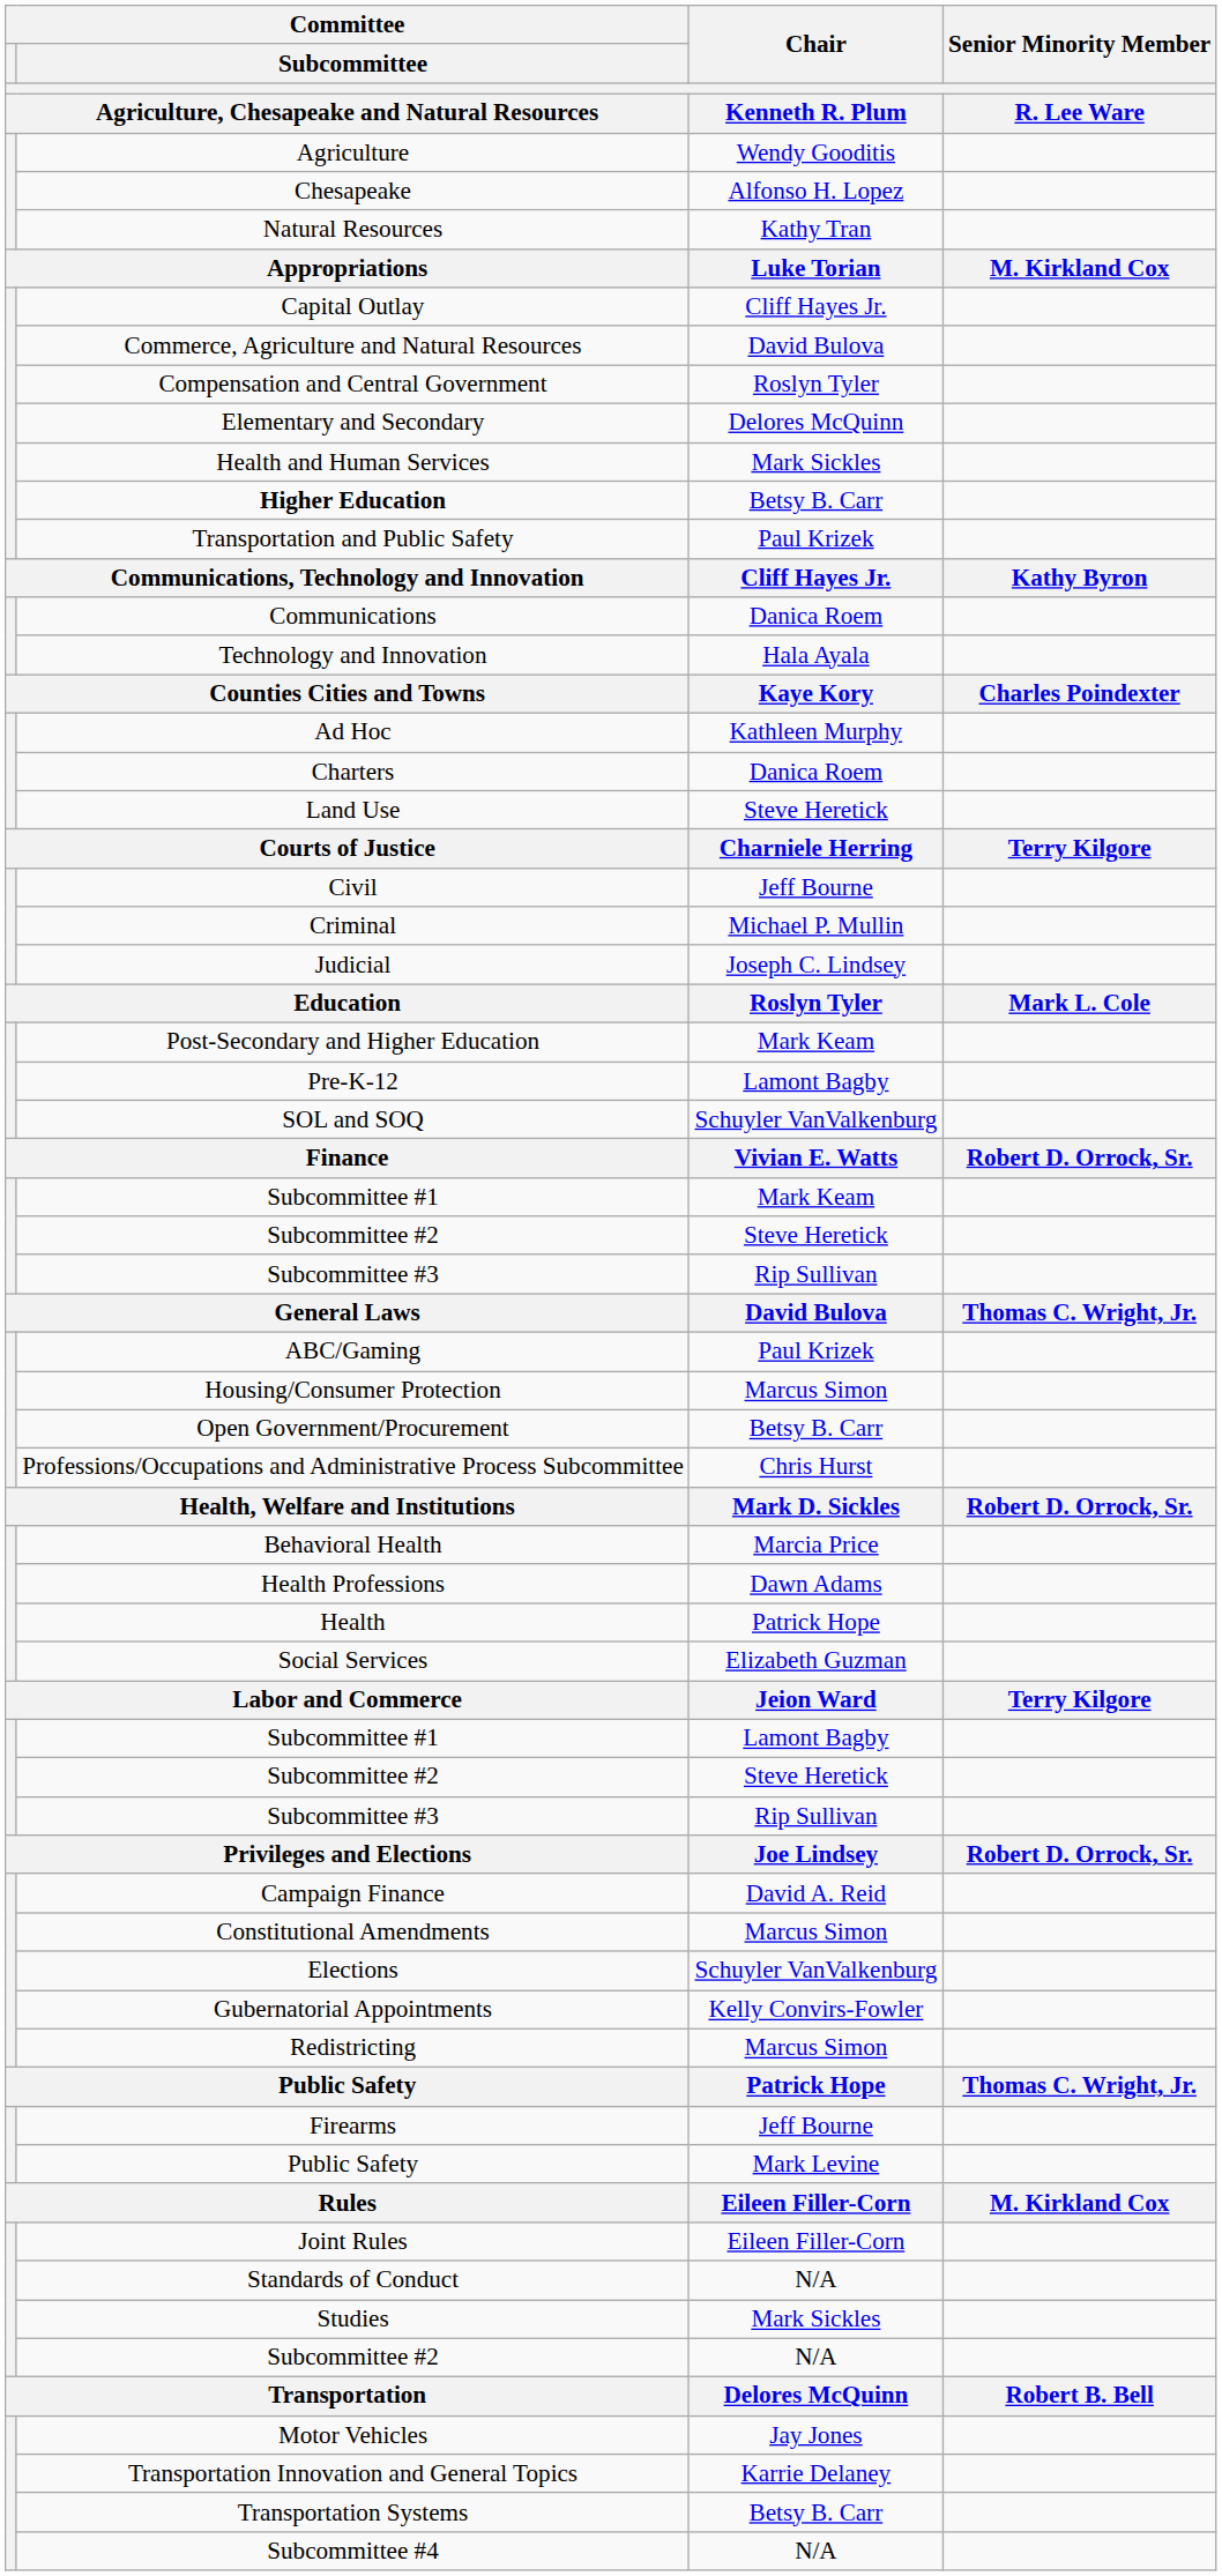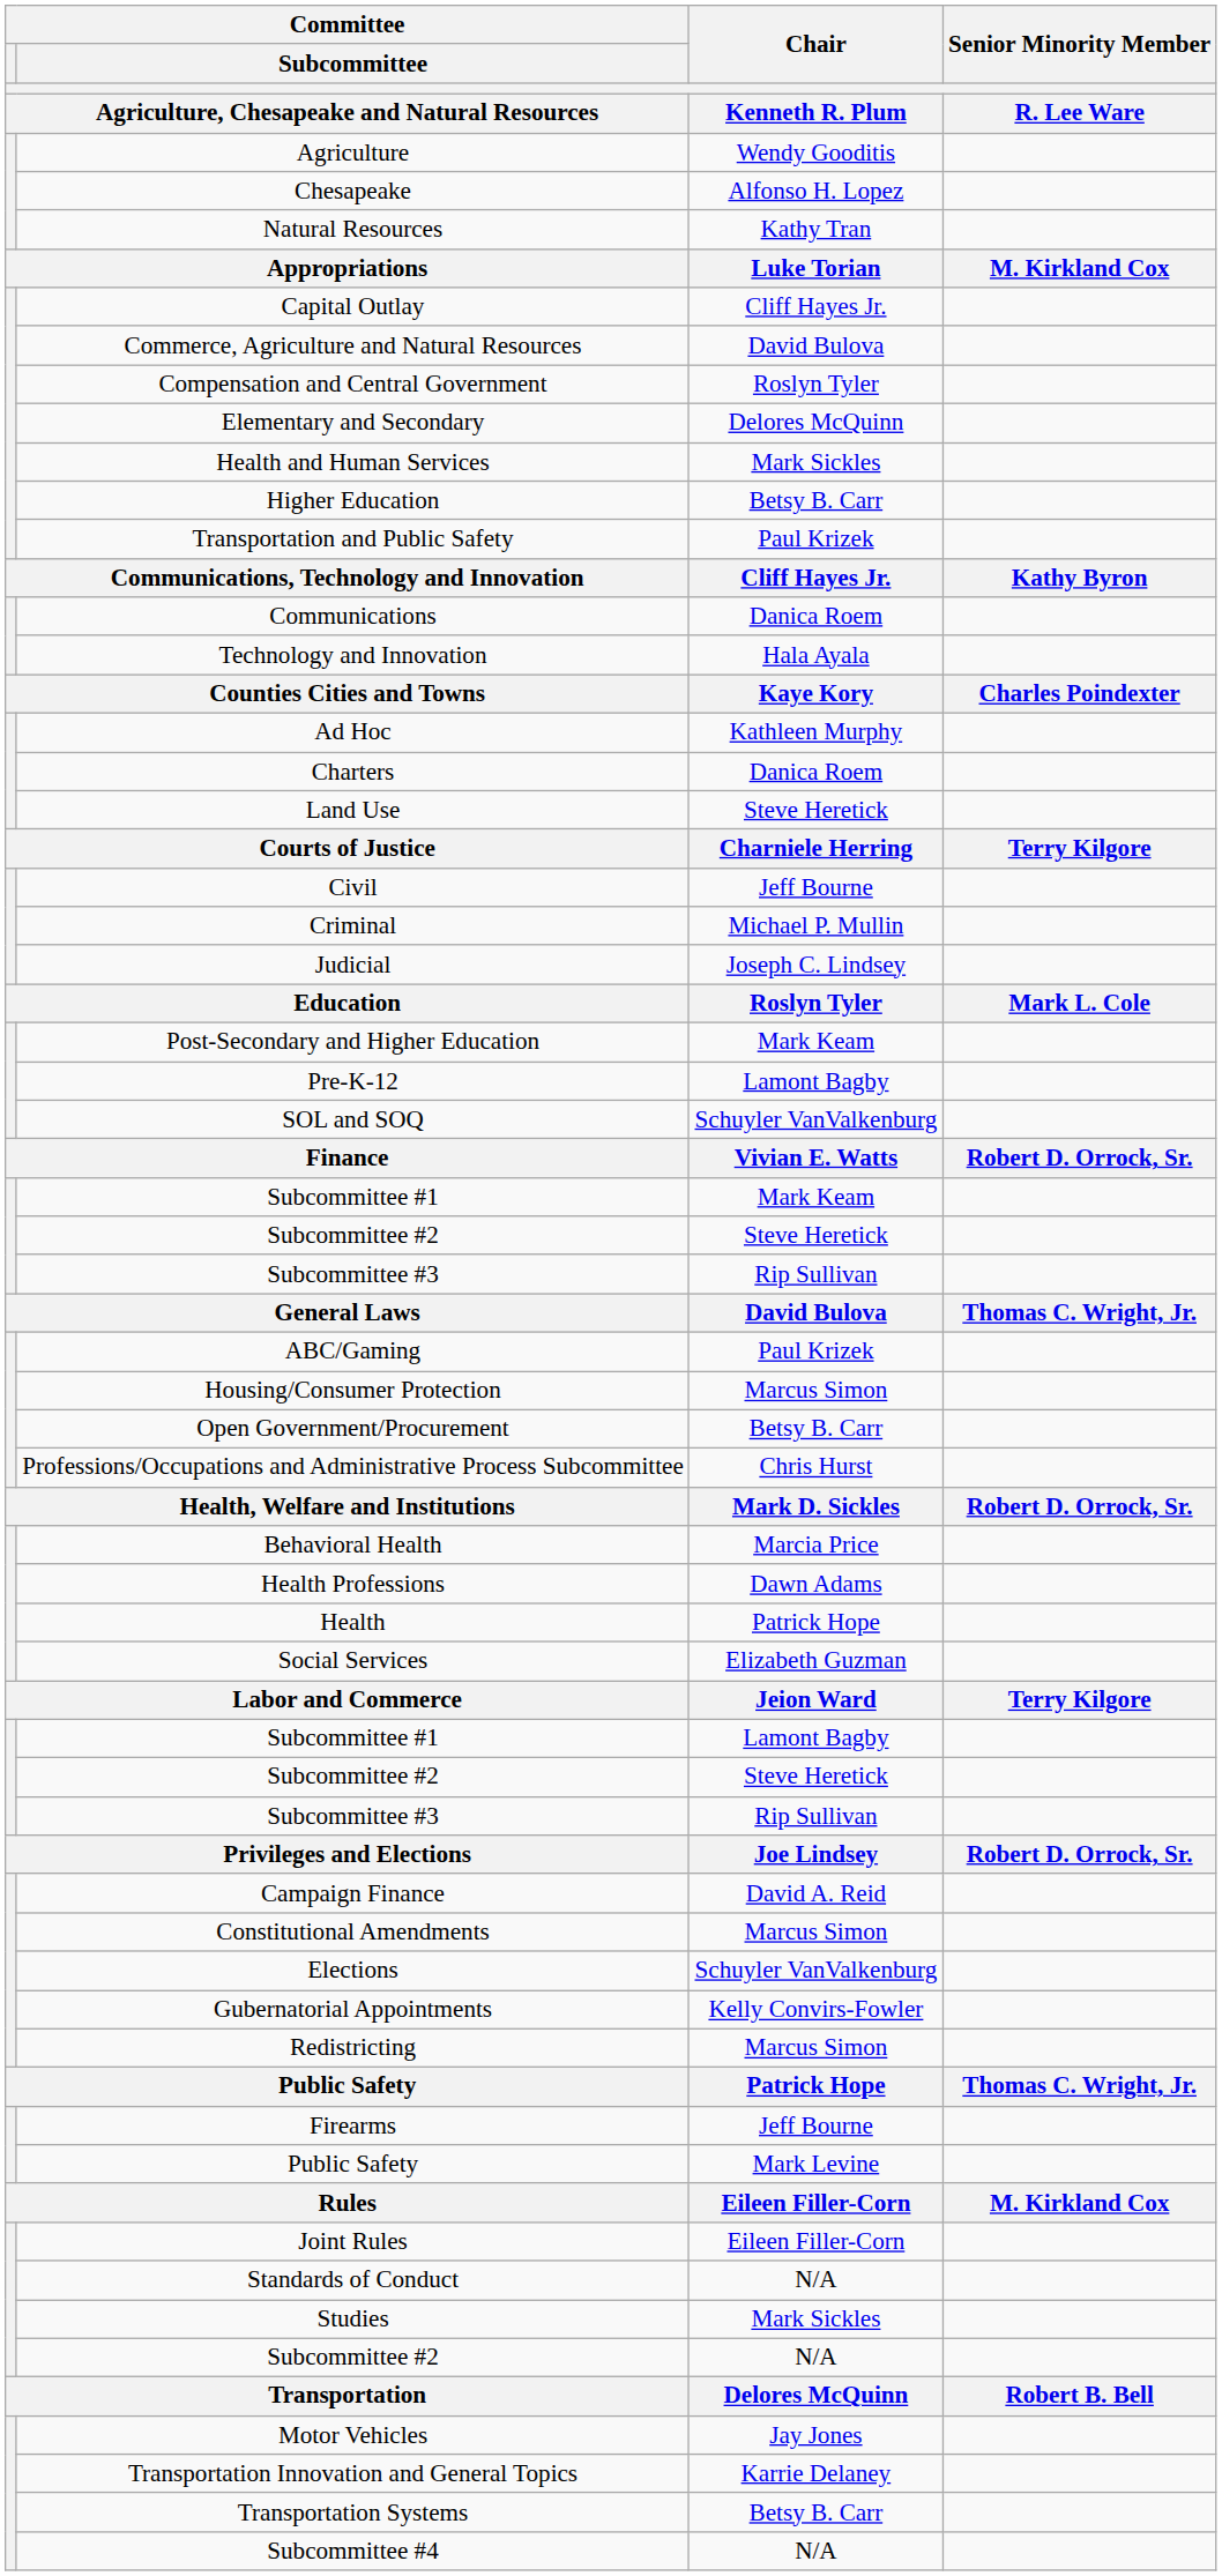 <table class="wikitable" style="text-align:center;">
 <tr>
 <th colspan=2>Committee</th>
 <th rowspan=2 >Chair</th>
 <th rowspan=2 >Senior Minority Member</th>
 </tr>
 <tr>
 <th></th>
 <th>Subcommittee</th>
 </tr>
 <tr>
 <th colspan=4></th>
 </tr>
 <tr>
 <th colspan=2>Agriculture, Chesapeake and Natural Resources</th>
 <th><a href='#'>Kenneth R. Plum</a></th>
 <th><a href='#'>R. Lee Ware</a></th>
 </tr>
 <tr>
 <th rowspan=3></th>
 <td>Agriculture</td>
 <td><a href='#'>Wendy Gooditis</a></td>
 <td></td>
 </tr>
 <tr>
 <td>Chesapeake</td>
 <td><a href='#'>Alfonso H. Lopez</a></td>
 <td></td>
 </tr>
 <tr>
 <td>Natural Resources</td>
 <td><a href='#'>Kathy Tran</a></td>
 <td></td>
 </tr>
 <tr>
 <th colspan=2>Appropriations</th>
 <th><a href='#'>Luke Torian</a></th>
 <th><a href='#'>M. Kirkland Cox</a></th>
 </tr>
 <tr>
 <th rowspan=7></th>
 <td>Capital Outlay</td>
 <td><a href='#'>Cliff Hayes Jr.</a></td>
 <td></td>
 </tr>
 <tr>
 <td>Commerce, Agriculture and Natural Resources</td>
 <td><a href='#'>David Bulova</a></td>
 <td></td>
 </tr>
 <tr>
 <td>Compensation and Central Government</td>
 <td><a href='#'>Roslyn Tyler</a></td>
 <td></td>
 </tr>
 <tr>
 <td>Elementary and Secondary</td>
 <td><a href='#'>Delores McQuinn</a></td>
 <td></td>
 </tr>
 <tr>
 <td>Health and Human Services</td>
 <td><a href='#'>Mark Sickles</a></td>
 <td></td>
 </tr>
 <tr>
-<td><strong>Higher Education</strong></td>
+<td>Higher Education</td>
 <td><a href='#'>Betsy B. Carr</a></td>
 <td></td>
 </tr>
 <tr>
 <td>Transportation and Public Safety</td>
 <td><a href='#'>Paul Krizek</a></td>
 <td></td>
 </tr>
 <tr>
 <th colspan=2>Communications, Technology and Innovation</th>
 <th><a href='#'>Cliff Hayes Jr.</a></th>
 <th><a href='#'>Kathy Byron</a></th>
 </tr>
 <tr>
 <th rowspan=2></th>
 <td>Communications</td>
 <td><a href='#'>Danica Roem</a></td>
 <td></td>
 </tr>
 <tr>
 <td>Technology and Innovation</td>
 <td><a href='#'>Hala Ayala</a></td>
 <td></td>
 </tr>
 <tr>
 <th colspan=2>Counties Cities and Towns</th>
 <th><a href='#'>Kaye Kory</a></th>
 <th><a href='#'>Charles Poindexter</a></th>
 </tr>
 <tr>
 <th rowspan=3></th>
 <td>Ad Hoc</td>
 <td><a href='#'>Kathleen Murphy</a></td>
 <td></td>
 </tr>
 <tr>
 <td>Charters</td>
 <td><a href='#'>Danica Roem</a></td>
 <td></td>
 </tr>
 <tr>
 <td>Land Use</td>
 <td><a href='#'>Steve Heretick</a></td>
 <td></td>
 </tr>
 <tr>
 <th colspan=2>Courts of Justice</th>
 <th><a href='#'>Charniele Herring</a></th>
 <th><a href='#'>Terry Kilgore</a></th>
 </tr>
 <tr>
 <th rowspan=3></th>
 <td>Civil</td>
 <td><a href='#'>Jeff Bourne</a></td>
 <td></td>
 </tr>
 <tr>
 <td>Criminal</td>
 <td><a href='#'>Michael P. Mullin</a></td>
 <td></td>
 </tr>
 <tr>
 <td>Judicial</td>
 <td><a href='#'>Joseph C. Lindsey</a></td>
 <td></td>
 </tr>
 <tr>
 <th colspan=2>Education</th>
 <th><a href='#'>Roslyn Tyler</a></th>
 <th><a href='#'>Mark L. Cole</a></th>
 </tr>
 <tr>
 <th rowspan=3></th>
 <td>Post-Secondary and Higher Education</td>
 <td><a href='#'>Mark Keam</a></td>
 <td></td>
 </tr>
 <tr>
 <td>Pre-K-12</td>
 <td><a href='#'>Lamont Bagby</a></td>
 <td></td>
 </tr>
 <tr>
 <td>SOL and SOQ</td>
 <td><a href='#'>Schuyler VanValkenburg</a></td>
 <td></td>
 </tr>
 <tr>
 <th colspan=2>Finance</th>
 <th><a href='#'>Vivian E. Watts</a></th>
 <th><a href='#'>Robert D. Orrock, Sr.</a></th>
 </tr>
 <tr>
 <th rowspan=3></th>
 <td>Subcommittee #1</td>
 <td><a href='#'>Mark Keam</a></td>
 <td></td>
 </tr>
 <tr>
 <td>Subcommittee #2</td>
 <td><a href='#'>Steve Heretick</a></td>
 <td></td>
 </tr>
 <tr>
 <td>Subcommittee #3</td>
 <td><a href='#'>Rip Sullivan</a></td>
 <td></td>
 </tr>
 <tr>
 <th colspan=2>General Laws</th>
 <th><a href='#'>David Bulova</a></th>
 <th><a href='#'>Thomas C. Wright, Jr.</a></th>
 </tr>
 <tr>
 <th rowspan=4></th>
 <td>ABC/Gaming</td>
 <td><a href='#'>Paul Krizek</a></td>
 <td></td>
 </tr>
 <tr>
 <td>Housing/Consumer Protection</td>
 <td><a href='#'>Marcus Simon</a></td>
 <td></td>
 </tr>
 <tr>
 <td>Open Government/Procurement</td>
 <td><a href='#'>Betsy B. Carr</a></td>
 <td></td>
 </tr>
 <tr>
 <td>Professions/Occupations and Administrative Process Subcommittee</td>
 <td><a href='#'>Chris Hurst</a></td>
 <td></td>
 </tr>
 <tr>
 <th colspan=2>Health, Welfare and Institutions</th>
 <th><a href='#'>Mark D. Sickles</a></th>
 <th><a href='#'>Robert D. Orrock, Sr.</a></th>
 </tr>
 <tr>
 <th rowspan=4></th>
 <td>Behavioral Health</td>
 <td><a href='#'>Marcia Price</a></td>
 <td></td>
 </tr>
 <tr>
 <td>Health Professions</td>
 <td><a href='#'>Dawn Adams</a></td>
 <td></td>
 </tr>
 <tr>
 <td>Health</td>
 <td><a href='#'>Patrick Hope</a></td>
 <td></td>
 </tr>
 <tr>
 <td>Social Services</td>
 <td><a href='#'>Elizabeth Guzman</a></td>
 <td></td>
 </tr>
 <tr>
 <th colspan=2>Labor and Commerce</th>
 <th><a href='#'>Jeion Ward</a></th>
 <th><a href='#'>Terry Kilgore</a></th>
 </tr>
 <tr>
 <th rowspan=3></th>
 <td>Subcommittee #1</td>
 <td><a href='#'>Lamont Bagby</a></td>
 <td></td>
 </tr>
 <tr>
 <td>Subcommittee #2</td>
 <td><a href='#'>Steve Heretick</a></td>
 <td></td>
 </tr>
 <tr>
 <td>Subcommittee #3</td>
 <td><a href='#'>Rip Sullivan</a></td>
 <td></td>
 </tr>
 <tr>
 <th colspan=2>Privileges and Elections</th>
 <th><a href='#'>Joe Lindsey</a></th>
 <th><a href='#'>Robert D. Orrock, Sr.</a></th>
 </tr>
 <tr>
 <th rowspan=5></th>
 <td>Campaign Finance</td>
 <td><a href='#'>David A. Reid</a></td>
 <td></td>
 </tr>
 <tr>
 <td>Constitutional Amendments</td>
 <td><a href='#'>Marcus Simon</a></td>
 <td></td>
 </tr>
 <tr>
 <td>Elections</td>
 <td><a href='#'>Schuyler VanValkenburg</a></td>
 <td></td>
 </tr>
 <tr>
 <td>Gubernatorial Appointments</td>
 <td><a href='#'>Kelly Convirs-Fowler</a></td>
 <td></td>
 </tr>
 <tr>
 <td>Redistricting</td>
 <td><a href='#'>Marcus Simon</a></td>
 <td></td>
 </tr>
 <tr>
 <th colspan=2>Public Safety</th>
 <th><a href='#'>Patrick Hope</a></th>
 <th><a href='#'>Thomas C. Wright, Jr.</a></th>
 </tr>
 <tr>
 <th rowspan=2></th>
 <td>Firearms</td>
 <td><a href='#'>Jeff Bourne</a></td>
 <td></td>
 </tr>
 <tr>
 <td>Public Safety</td>
 <td><a href='#'>Mark Levine</a></td>
 <td></td>
 </tr>
 <tr>
 <th colspan=2>Rules</th>
 <th><a href='#'>Eileen Filler-Corn</a></th>
 <th><a href='#'>M. Kirkland Cox</a></th>
 </tr>
 <tr>
 <th rowspan=4></th>
 <td>Joint Rules</td>
 <td><a href='#'>Eileen Filler-Corn</a></td>
 <td></td>
 </tr>
 <tr>
 <td>Standards of Conduct</td>
 <td>N/A</td>
 <td></td>
 </tr>
 <tr>
 <td>Studies</td>
 <td><a href='#'>Mark Sickles</a></td>
 <td></td>
 </tr>
 <tr>
 <td>Subcommittee #2</td>
 <td>N/A</td>
 <td></td>
 </tr>
 <tr>
 <th colspan=2>Transportation</th>
 <th><a href='#'>Delores McQuinn</a></th>
 <th><a href='#'>Robert B. Bell</a></th>
 </tr>
 <tr>
 <th rowspan=4></th>
 <td>Motor Vehicles</td>
 <td><a href='#'>Jay Jones</a></td>
 <td></td>
 </tr>
 <tr>
 <td>Transportation Innovation and General Topics</td>
 <td><a href='#'>Karrie Delaney</a></td>
 <td></td>
 </tr>
 <tr>
 <td>Transportation Systems</td>
 <td><a href='#'>Betsy B. Carr</a></td>
 <td></td>
 </tr>
 <tr>
 <td>Subcommittee #4</td>
 <td>N/A</td>
 <td></td>
 </tr>
 </table>
